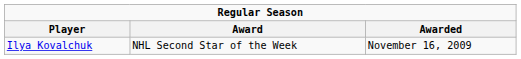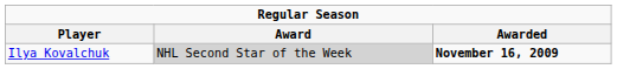 <table class="wikitable" width="52%">
 <tr>
 <td colspan="10" align="center"><strong>Regular Season</strong></td>
 </tr>
 <tr>
 <th>Player</th>
 <th>Award</th>
 <th>Awarded</th>
 </tr>
 <tr>
 <td><a href='#'>Ilya Kovalchuk</a></td>
-<td>NHL Second Star of the Week</td>
-<td>November 16, 2009</td>
+<td style="background: lightgrey;">NHL Second Star of the Week</td>
+<td><strong>November 16, 2009</strong></td>
 </tr>
 </table>
